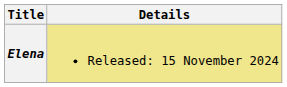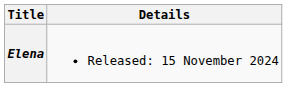 <table class="wikitable plainrowheaders" style="text-align:center;">
 <tr>
 <th scope="col">Title</th>
 <th scope="col">Details</th>
 </tr>
 <tr>
 <th scope="row"><em>Elena</em></th>
-<td style="background: khaki;"><br><ul><li>Released: 15 November 2024</li></ul></td>
+<td><br><ul><li>Released: 15 November 2024</li></ul></td>
 </tr>
 </table>
